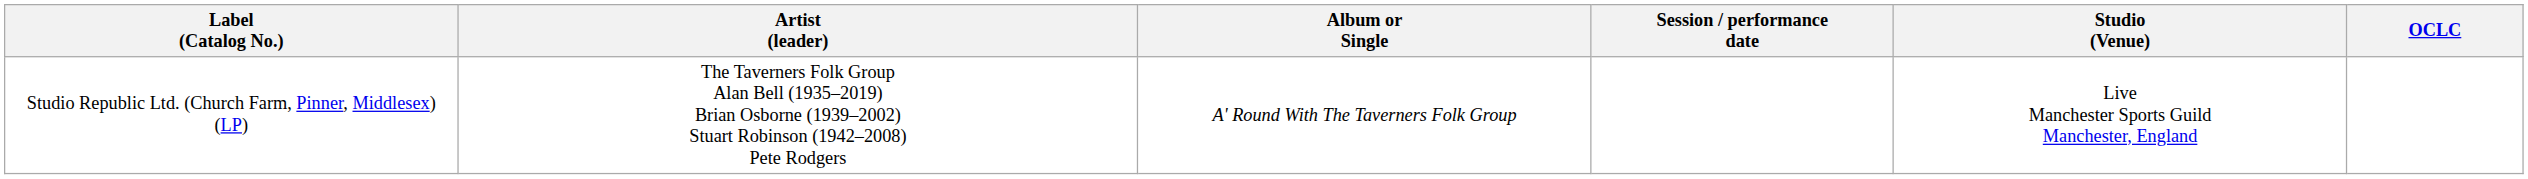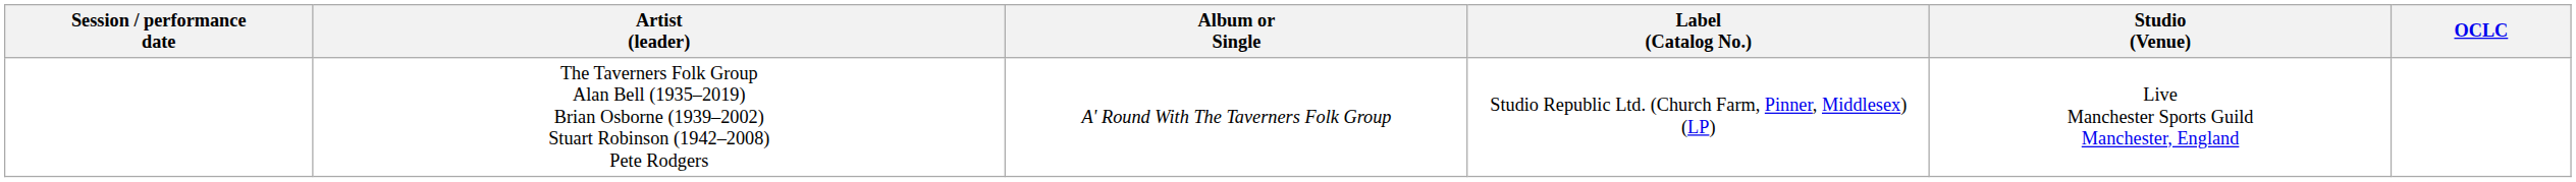 <table class="wikitable collapsible sortable" border="0" cellpadding="1" style="color: black; background-color: #FFFFFF; font-size: 90%; width:100%">
 <tr>
-<th>Label<br>(Catalog No.)</th>
+<th>Session / performance<br>date</th>
 <th>Artist<br>(leader)</th>
 <th>Album or<br>Single</th>
-<th>Session / performance<br>date</th>
+<th>Label<br>(Catalog No.)</th>
 <th>Studio<br>(Venue)</th>
 <th><a href='#'>OCLC</a></th>
 </tr>
 <tr>
-<td style="text-align:center" width="18%" data-sort-value="jazzology 1964-10">Studio Republic Ltd. (Church Farm, <a href='#'>Pinner</a>, <a href='#'>Middlesex</a>)  (<a href='#'>LP</a>)</td>
+<td style="text-align:center" width="12%;" data-sort-value="1968"></td>
 <td style="text-align:center" width="27%" data-sort-value="russell 1964-10">The Taverners Folk Group<br>Alan Bell (1935–2019)<br>Brian Osborne (1939–2002)<br>Stuart Robinson (1942–2008)<br>Pete Rodgers</td>
 <td style="text-align:center" width="18%" data-sort-value="russell 1964-10"><em>A' Round With The Taverners Folk Group</em></td>
-<td style="text-align:center" width="12%;" data-sort-value="1968"></td>
+<td style="text-align:center" width="18%" data-sort-value="jazzology 1964-10">Studio Republic Ltd. (Church Farm, <a href='#'>Pinner</a>, <a href='#'>Middlesex</a>)  (<a href='#'>LP</a>)</td>
 <td style="text-align:center" width="18%" data-sort-value="manchester">Live<br>Manchester Sports Guild<br><a href='#'>Manchester, England</a></td>
 <td style="text-align:center" width="9%"></td>
 </tr>
 </table>
